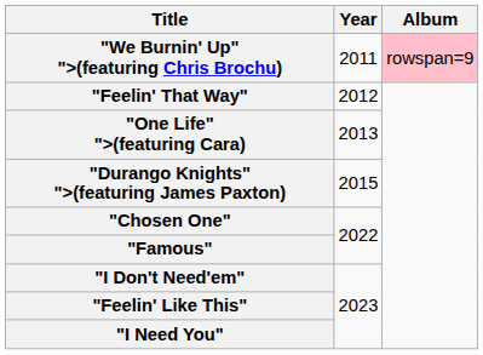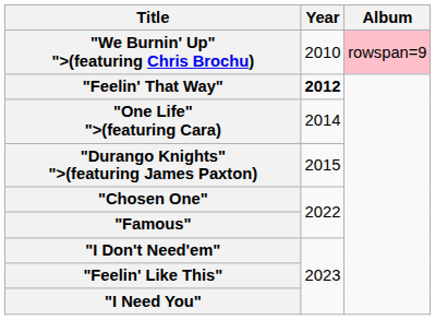 <table class="wikitable plainrowheaders" style="text-align:center;" border="1">
 <tr>
 <th scope="col" style="width:18em;">Title</th>
 <th scope="col">Year</th>
 <th scope="col">Album</th>
 </tr>
 <tr>
 <th scope="row">"We Burnin' Up"<br><span>">(featuring <a href='#'>Chris Brochu</a>)</span></th>
-<td>2011</td>
+<td>2010</td>
 <td style="background: pink;">rowspan=9 </td>
 </tr>
 <tr>
 <th scope="row">"Feelin' That Way"</th>
-<td>2012</td>
+<td><strong>2012</strong></td>
 </tr>
 <tr>
 <th scope="row">"One Life"<br><span>">(featuring Cara)</span></th>
-<td>2013</td>
+<td>2014</td>
 </tr>
 <tr>
 <th scope="row">"Durango Knights"<br><span>">(featuring James Paxton)</span></th>
 <td>2015</td>
 </tr>
 <tr>
 <th scope="row">"Chosen One"</th>
 <td rowspan="2">2022</td>
 </tr>
 <tr>
 <th scope="row">"Famous"</th>
 </tr>
 <tr>
 <th scope="row">"I Don't Need'em"</th>
 <td rowspan="3">2023</td>
 </tr>
 <tr>
 <th scope="row">"Feelin' Like This"</th>
 </tr>
 <tr>
 <th scope="row">"I Need You"</th>
 </tr>
 </table>
